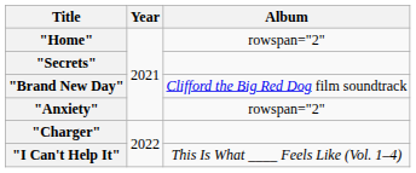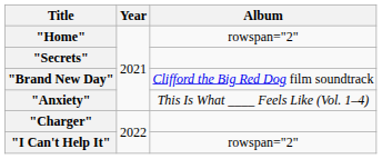 <table class="wikitable plainrowheaders" style="text-align:center;">
 <tr>
 <th scope="col">Title</th>
 <th scope="col">Year</th>
 <th scope="col">Album</th>
 </tr>
 <tr>
 <th scope="row">"Home"</th>
 <td rowspan="4">2021</td>
 <td>rowspan="2" </td>
 </tr>
 <tr>
 <th scope="row">"Secrets"</th>
 </tr>
 <tr>
 <th scope="row">"Brand New Day"</th>
 <td><em><a href='#'>Clifford the Big Red Dog</a></em> film soundtrack</td>
 </tr>
 <tr>
 <th scope="row">"Anxiety"</th>
-<td>rowspan="2" </td>
+<td><em>This Is What ____ Feels Like (Vol. 1–4)</em></td>
 </tr>
 <tr>
 <th scope="row">"Charger"<br></th>
 <td rowspan="2">2022</td>
 </tr>
 <tr>
 <th scope="row">"I Can't Help It"</th>
-<td><em>This Is What ____ Feels Like (Vol. 1–4)</em></td>
+<td>rowspan="2" </td>
 </tr>
 </table>
